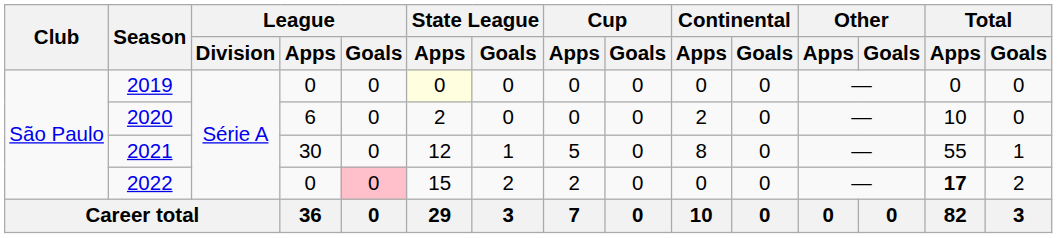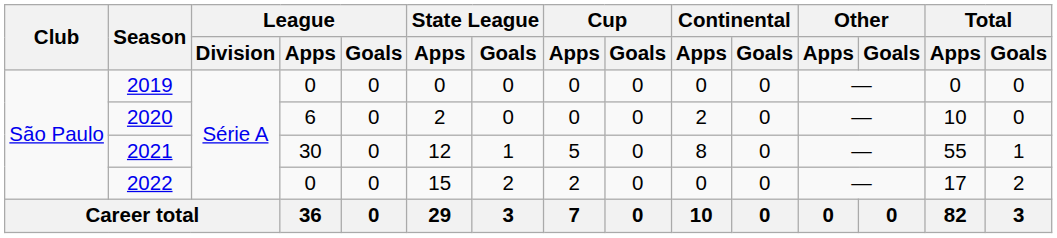 <table class="wikitable" style="text-align: center">
 <tr>
 <th rowspan="2">Club</th>
 <th rowspan="2">Season</th>
 <th colspan="3">League</th>
 <th colspan="2">State League</th>
 <th colspan="2">Cup</th>
 <th colspan="2">Continental</th>
 <th colspan="2">Other</th>
 <th colspan="2">Total</th>
 </tr>
 <tr>
 <th>Division</th>
 <th>Apps</th>
 <th>Goals</th>
 <th>Apps</th>
 <th>Goals</th>
 <th>Apps</th>
 <th>Goals</th>
 <th>Apps</th>
 <th>Goals</th>
 <th>Apps</th>
 <th>Goals</th>
 <th>Apps</th>
 <th>Goals</th>
 </tr>
 <tr>
 <td rowspan="4"><a href='#'>São Paulo</a></td>
 <td><a href='#'>2019</a></td>
 <td rowspan="4"><a href='#'>Série A</a></td>
 <td>0</td>
 <td>0</td>
-<td style="background: lightyellow;">0</td>
+<td>0</td>
 <td>0</td>
 <td>0</td>
 <td>0</td>
 <td>0</td>
 <td>0</td>
 <td colspan="2">—</td>
 <td>0</td>
 <td>0</td>
 </tr>
 <tr>
 <td><a href='#'>2020</a></td>
 <td>6</td>
 <td>0</td>
 <td>2</td>
 <td>0</td>
 <td>0</td>
 <td>0</td>
 <td>2</td>
 <td>0</td>
 <td colspan="2">—</td>
 <td>10</td>
 <td>0</td>
 </tr>
 <tr>
 <td><a href='#'>2021</a></td>
 <td>30</td>
 <td>0</td>
 <td>12</td>
 <td>1</td>
 <td>5</td>
 <td>0</td>
 <td>8</td>
 <td>0</td>
 <td colspan="2">—</td>
 <td>55</td>
 <td>1</td>
 </tr>
 <tr>
 <td><a href='#'>2022</a></td>
 <td>0</td>
-<td style="background: pink;">0</td>
+<td>0</td>
 <td>15</td>
 <td>2</td>
 <td>2</td>
 <td>0</td>
 <td>0</td>
 <td>0</td>
 <td colspan="2">—</td>
-<td><strong>17</strong></td>
+<td>17</td>
 <td>2</td>
 </tr>
 <tr>
 <th colspan="3"><strong>Career total</strong></th>
 <th>36</th>
 <th>0</th>
 <th>29</th>
 <th>3</th>
 <th>7</th>
 <th>0</th>
 <th>10</th>
 <th>0</th>
 <th>0</th>
 <th>0</th>
 <th>82</th>
 <th>3</th>
 </tr>
 </table>
